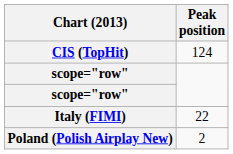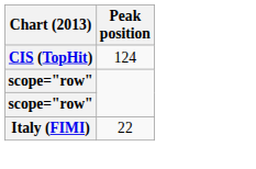 <table class="wikitable sortable plainrowheaders">
 <tr>
 <th>Chart (2013)</th>
 <th>Peak<br>position</th>
 </tr>
 <tr>
 <th scope="row"><a href='#'>CIS</a> (<a href='#'>TopHit</a>)</th>
 <td align="center">124</td>
 </tr>
 <tr>
 <th>scope="row" </th>
 </tr>
 <tr>
 <th>scope="row" </th>
 </tr>
 <tr>
 <th scope="row">Italy (<a href='#'>FIMI</a>)</th>
 <td align="center">22</td>
 </tr>
-<tr>
-<th scope="row">Poland (<a href='#'>Polish Airplay New</a>)</th>
-<td align="center">2</td>
-</tr>
 </table>
